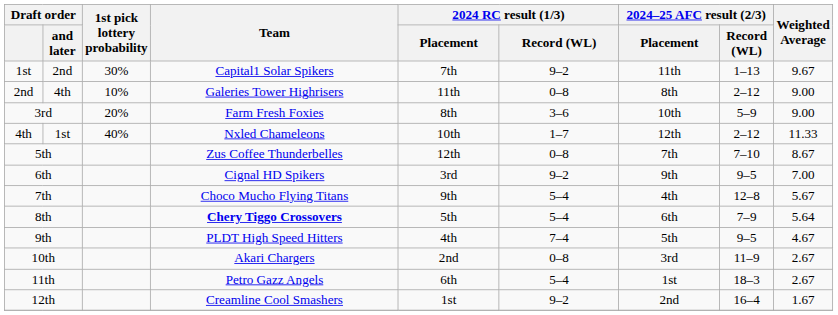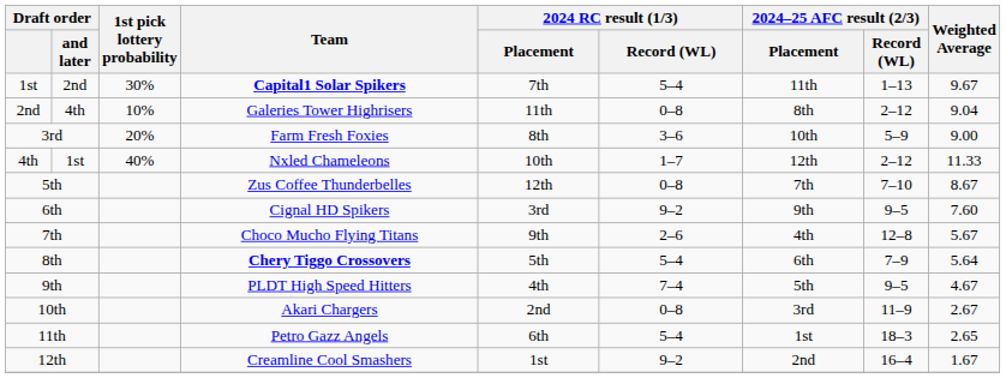 <table class="wikitable sortable" style="width:80%; text-align:center">
 <tr>
 <th width=5%;  colspan="2">Draft order</th>
 <th width=5%;  rowspan="2">1st pick lottery probability</th>
 <th width=35%; rowspan="2">Team</th>
 <th width=30%; colspan="2"><a href='#'>2024 RC</a> result (1/3)</th>
 <th width=30%; colspan="2"><a href='#'>2024–25 AFC</a> result (2/3)</th>
 <th width=30%; rowspan="2">Weighted Average</th>
 </tr>
 <tr>
 <th width=5%></th>
 <th width=5%> and later</th>
 <th>Placement</th>
 <th>Record (WL)</th>
 <th>Placement</th>
 <th>Record (WL)</th>
 </tr>
 <tr>
 <td>1st</td>
 <td>2nd</td>
 <td>30%</td>
-<td><a href='#'>Capital1 Solar Spikers</a></td>
+<td><strong><a href='#'>Capital1 Solar Spikers</a></strong></td>
 <td>7th</td>
-<td>9–2</td>
+<td>5–4</td>
 <td>11th</td>
 <td>1–13</td>
 <td>9.67</td>
 </tr>
 <tr>
 <td>2nd</td>
 <td>4th</td>
 <td>10%</td>
 <td><a href='#'>Galeries Tower Highrisers</a></td>
 <td>11th</td>
 <td>0–8</td>
 <td>8th</td>
 <td>2–12</td>
-<td>9.00</td>
+<td>9.04</td>
 </tr>
 <tr>
 <td colspan=2>3rd</td>
 <td>20%</td>
 <td><a href='#'>Farm Fresh Foxies</a></td>
 <td>8th</td>
 <td>3–6</td>
 <td>10th</td>
 <td>5–9</td>
 <td>9.00</td>
 </tr>
 <tr>
 <td>4th</td>
 <td>1st</td>
 <td>40%</td>
 <td><a href='#'>Nxled Chameleons</a></td>
 <td>10th</td>
 <td>1–7</td>
 <td>12th</td>
 <td>2–12</td>
 <td>11.33</td>
 </tr>
 <tr>
 <td colspan=2>5th</td>
 <td></td>
 <td><a href='#'>Zus Coffee Thunderbelles</a></td>
 <td>12th</td>
 <td>0–8</td>
 <td>7th</td>
 <td>7–10</td>
 <td>8.67</td>
 </tr>
 <tr>
 <td colspan=2>6th</td>
 <td></td>
 <td><a href='#'>Cignal HD Spikers</a></td>
 <td>3rd</td>
 <td>9–2</td>
 <td>9th</td>
 <td>9–5</td>
-<td>7.00</td>
+<td>7.60</td>
 </tr>
 <tr>
 <td colspan=2>7th</td>
 <td></td>
 <td><a href='#'>Choco Mucho Flying Titans</a></td>
 <td>9th</td>
-<td>5–4</td>
+<td>2–6</td>
 <td>4th</td>
 <td>12–8</td>
 <td>5.67</td>
 </tr>
 <tr>
 <td colspan=2>8th</td>
 <td></td>
 <td><strong><a href='#'>Chery Tiggo Crossovers</a></strong></td>
 <td>5th</td>
 <td>5–4</td>
 <td>6th</td>
 <td>7–9</td>
 <td>5.64</td>
 </tr>
 <tr>
 <td colspan=2>9th</td>
 <td></td>
 <td><a href='#'>PLDT High Speed Hitters</a></td>
 <td>4th</td>
 <td>7–4</td>
 <td>5th</td>
 <td>9–5</td>
 <td>4.67</td>
 </tr>
 <tr>
 <td colspan=2>10th</td>
 <td></td>
 <td><a href='#'>Akari Chargers</a></td>
 <td>2nd</td>
 <td>0–8</td>
 <td>3rd</td>
 <td>11–9</td>
 <td>2.67</td>
 </tr>
 <tr>
 <td colspan=2>11th</td>
 <td></td>
 <td><a href='#'>Petro Gazz Angels</a></td>
 <td>6th</td>
 <td>5–4</td>
 <td>1st</td>
 <td>18–3</td>
-<td>2.67</td>
+<td>2.65</td>
 </tr>
 <tr>
 <td colspan=2>12th</td>
 <td></td>
 <td><a href='#'>Creamline Cool Smashers</a></td>
 <td>1st</td>
 <td>9–2</td>
 <td>2nd</td>
 <td>16–4</td>
 <td>1.67</td>
 </tr>
 <tr>
 </tr>
 </table>
